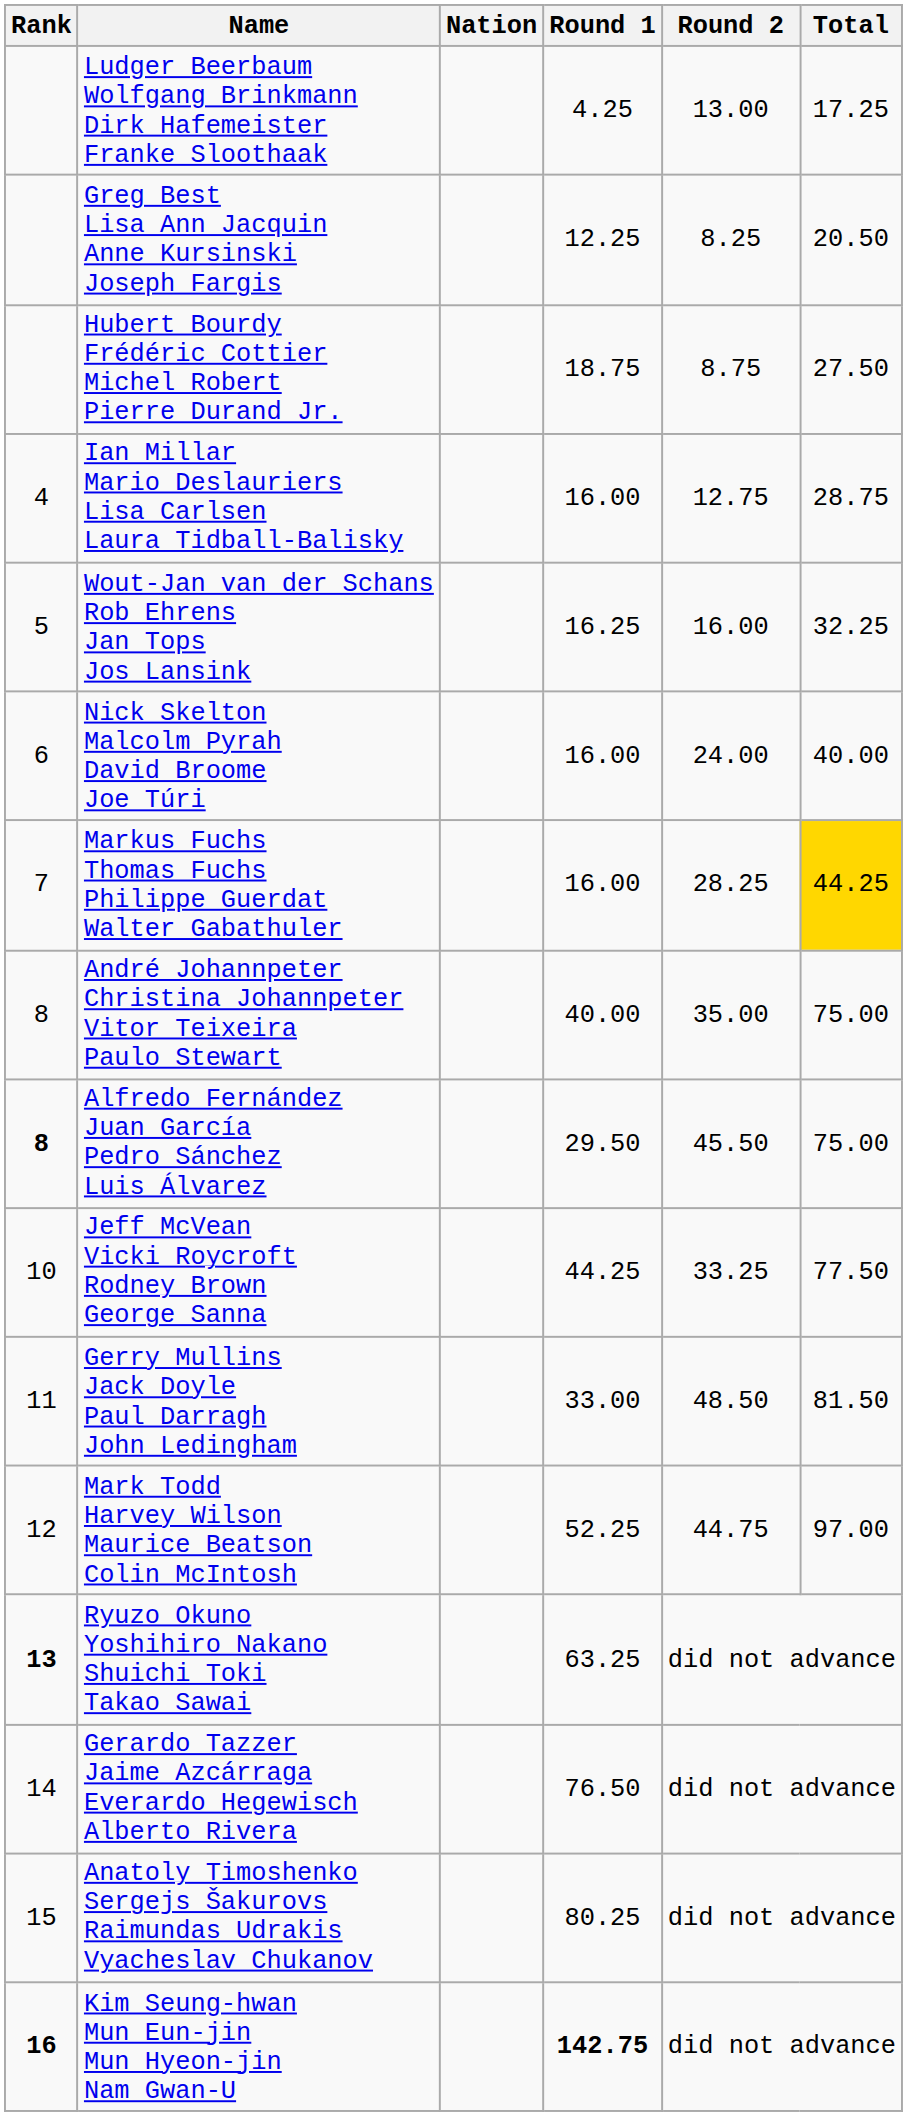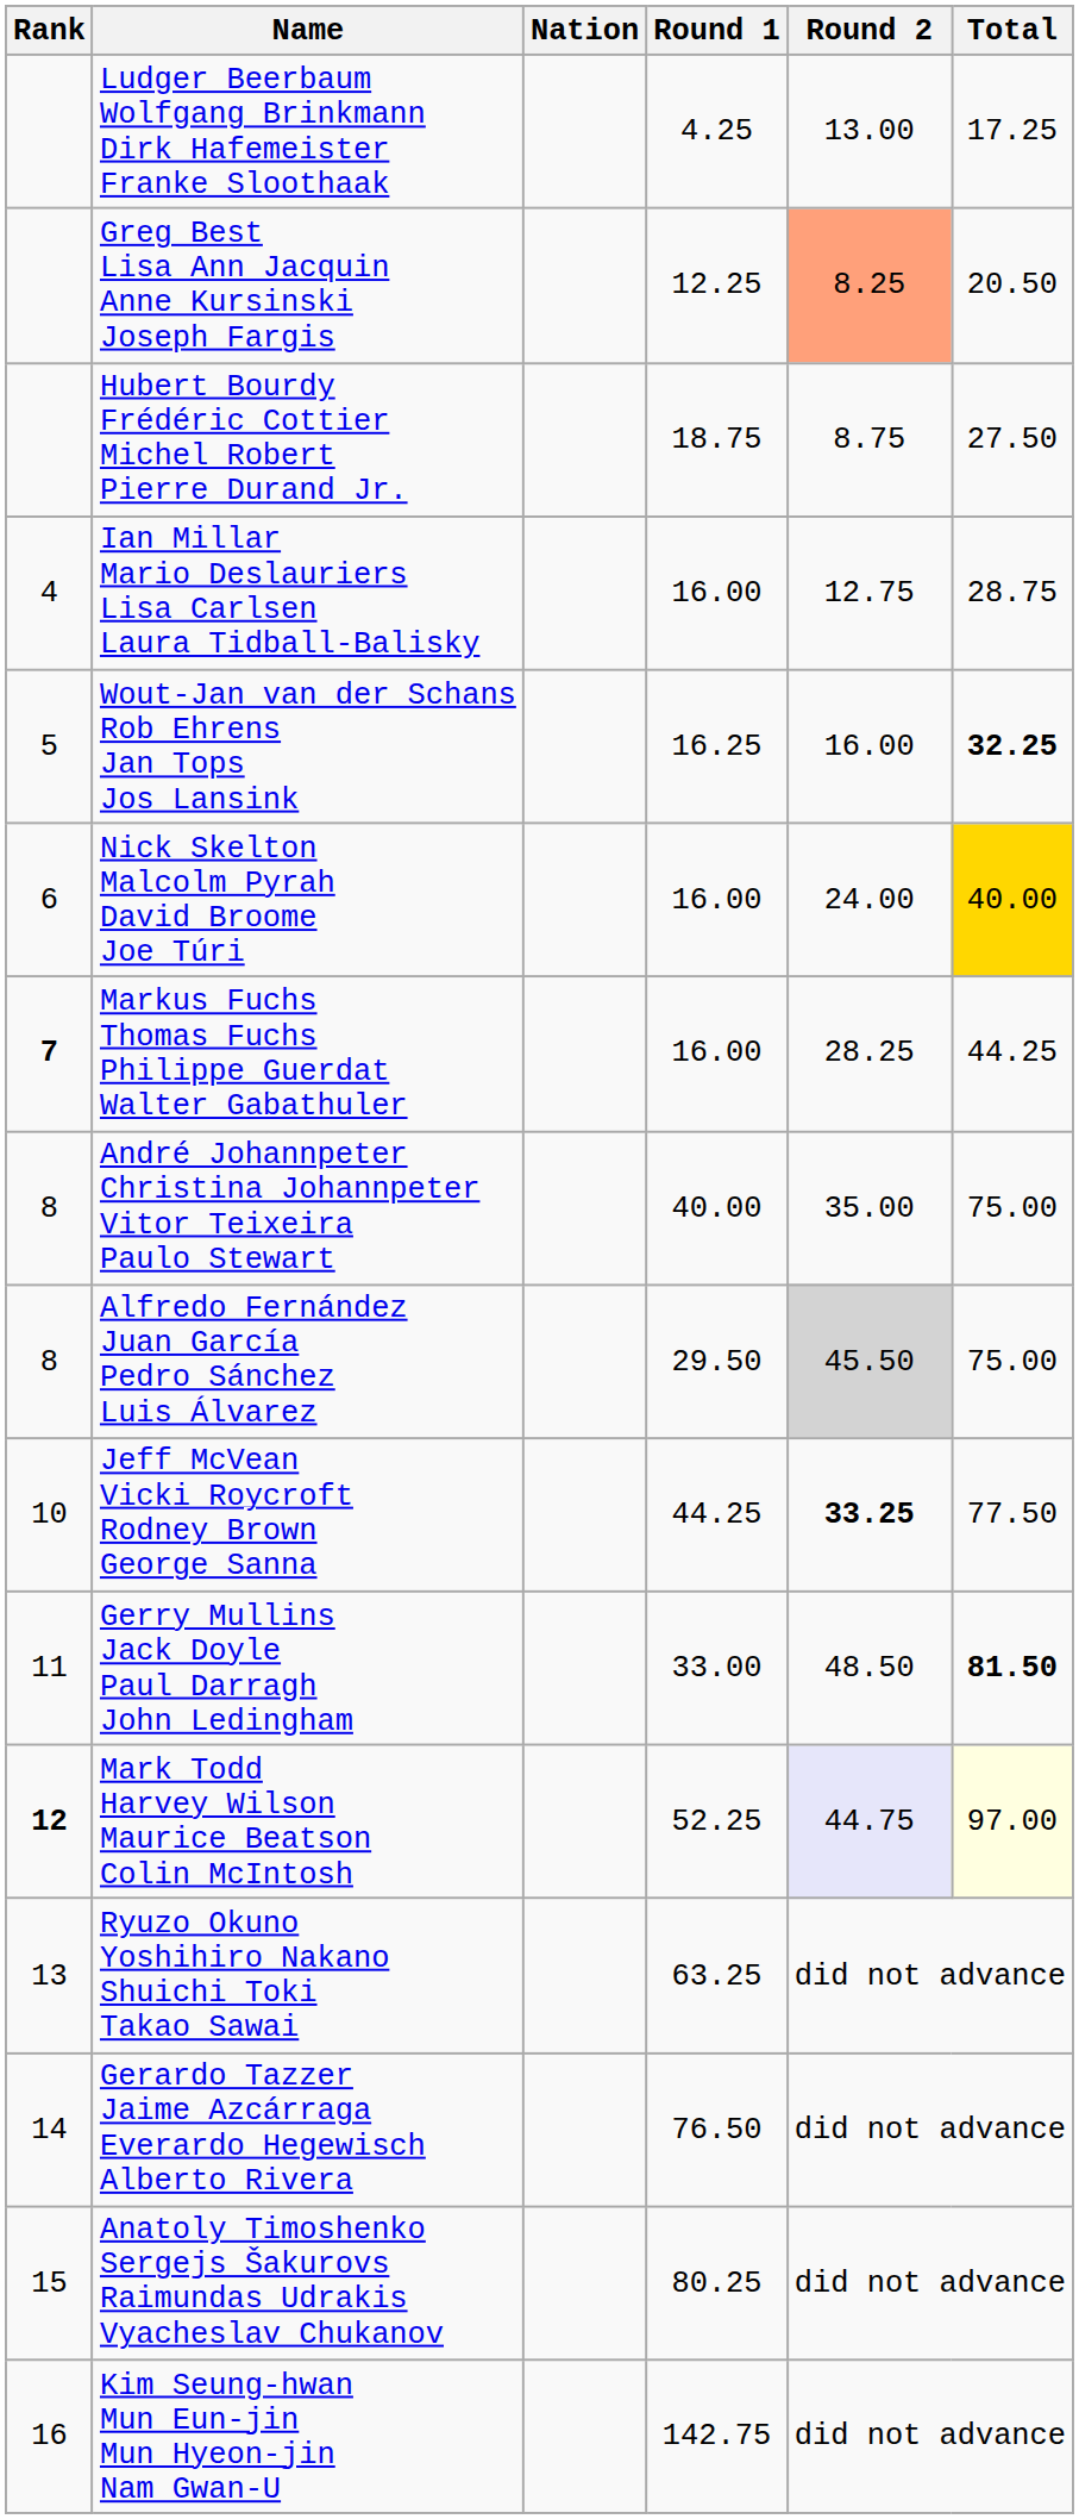 <table class="wikitable sortable" style="text-align:center">
 <tr>
 <th>Rank</th>
 <th>Name</th>
 <th>Nation</th>
 <th>Round 1</th>
 <th>Round 2</th>
 <th>Total</th>
 </tr>
 <tr>
 <td></td>
 <td align="left"><a href='#'>Ludger Beerbaum</a><br><a href='#'>Wolfgang Brinkmann</a><br><a href='#'>Dirk Hafemeister</a><br><a href='#'>Franke Sloothaak</a></td>
 <td align="left"></td>
 <td>4.25</td>
 <td>13.00</td>
 <td>17.25</td>
 </tr>
 <tr>
 <td></td>
 <td align="left"><a href='#'>Greg Best</a><br><a href='#'>Lisa Ann Jacquin</a><br><a href='#'>Anne Kursinski</a><br><a href='#'>Joseph Fargis</a></td>
 <td align="left"></td>
 <td>12.25</td>
-<td>8.25</td>
+<td style="background: lightsalmon;">8.25</td>
 <td>20.50</td>
 </tr>
 <tr>
 <td></td>
 <td align="left"><a href='#'>Hubert Bourdy</a><br><a href='#'>Frédéric Cottier</a><br><a href='#'>Michel Robert</a><br><a href='#'>Pierre Durand Jr.</a></td>
 <td align="left"></td>
 <td>18.75</td>
 <td>8.75</td>
 <td>27.50</td>
 </tr>
 <tr>
 <td>4</td>
 <td align="left"><a href='#'>Ian Millar</a><br><a href='#'>Mario Deslauriers</a><br><a href='#'>Lisa Carlsen</a><br><a href='#'>Laura Tidball-Balisky</a></td>
 <td align="left"></td>
 <td>16.00</td>
 <td>12.75</td>
 <td>28.75</td>
 </tr>
 <tr>
 <td>5</td>
 <td align="left"><a href='#'>Wout-Jan van der Schans</a><br><a href='#'>Rob Ehrens</a><br><a href='#'>Jan Tops</a><br><a href='#'>Jos Lansink</a></td>
 <td align="left"></td>
 <td>16.25</td>
 <td>16.00</td>
-<td>32.25</td>
+<td><strong>32.25</strong></td>
 </tr>
 <tr>
 <td>6</td>
 <td align="left"><a href='#'>Nick Skelton</a><br><a href='#'>Malcolm Pyrah</a><br><a href='#'>David Broome</a><br><a href='#'>Joe Túri</a></td>
 <td align="left"></td>
 <td>16.00</td>
 <td>24.00</td>
-<td>40.00</td>
+<td style="background: gold;">40.00</td>
 </tr>
 <tr>
-<td>7</td>
+<td><strong>7</strong></td>
 <td align="left"><a href='#'>Markus Fuchs</a><br><a href='#'>Thomas Fuchs</a><br><a href='#'>Philippe Guerdat</a><br><a href='#'>Walter Gabathuler</a></td>
 <td align="left"></td>
 <td>16.00</td>
 <td>28.25</td>
-<td style="background: gold;">44.25</td>
+<td>44.25</td>
 </tr>
 <tr>
 <td>8</td>
 <td align="left"><a href='#'>André Johannpeter</a><br><a href='#'>Christina Johannpeter</a><br><a href='#'>Vitor Teixeira</a><br><a href='#'>Paulo Stewart</a></td>
 <td align="left"></td>
 <td>40.00</td>
 <td>35.00</td>
 <td>75.00</td>
 </tr>
 <tr>
-<td><strong>8</strong></td>
+<td>8</td>
 <td align="left"><a href='#'>Alfredo Fernández</a><br><a href='#'>Juan García</a><br><a href='#'>Pedro Sánchez</a><br><a href='#'>Luis Álvarez</a></td>
 <td align="left"></td>
 <td>29.50</td>
-<td>45.50</td>
+<td style="background: lightgrey;">45.50</td>
 <td>75.00</td>
 </tr>
 <tr>
 <td>10</td>
 <td align="left"><a href='#'>Jeff McVean</a><br><a href='#'>Vicki Roycroft</a><br><a href='#'>Rodney Brown</a><br><a href='#'>George Sanna</a></td>
 <td align="left"></td>
 <td>44.25</td>
-<td>33.25</td>
+<td><strong>33.25</strong></td>
 <td>77.50</td>
 </tr>
 <tr>
 <td>11</td>
 <td align="left"><a href='#'>Gerry Mullins</a><br><a href='#'>Jack Doyle</a><br><a href='#'>Paul Darragh</a><br><a href='#'>John Ledingham</a></td>
 <td align="left"></td>
 <td>33.00</td>
 <td>48.50</td>
-<td>81.50</td>
+<td><strong>81.50</strong></td>
 </tr>
 <tr>
-<td>12</td>
+<td><strong>12</strong></td>
 <td align="left"><a href='#'>Mark Todd</a><br><a href='#'>Harvey Wilson</a><br><a href='#'>Maurice Beatson</a><br><a href='#'>Colin McIntosh</a></td>
 <td align="left"></td>
 <td>52.25</td>
-<td>44.75</td>
-<td>97.00</td>
+<td style="background: lavender;">44.75</td>
+<td style="background: lightyellow;">97.00</td>
 </tr>
 <tr>
-<td><strong>13</strong></td>
+<td>13</td>
 <td align="left"><a href='#'>Ryuzo Okuno</a><br><a href='#'>Yoshihiro Nakano</a><br><a href='#'>Shuichi Toki</a><br><a href='#'>Takao Sawai</a></td>
 <td align="left"></td>
 <td>63.25</td>
 <td colspan=2>did not advance</td>
 </tr>
 <tr>
 <td>14</td>
 <td align="left"><a href='#'>Gerardo Tazzer</a><br><a href='#'>Jaime Azcárraga</a><br><a href='#'>Everardo Hegewisch</a><br><a href='#'>Alberto Rivera</a></td>
 <td align="left"></td>
 <td>76.50</td>
 <td colspan=2>did not advance</td>
 </tr>
 <tr>
 <td>15</td>
 <td align="left"><a href='#'>Anatoly Timoshenko</a><br><a href='#'>Sergejs Šakurovs</a><br><a href='#'>Raimundas Udrakis</a><br><a href='#'>Vyacheslav Chukanov</a></td>
 <td align="left"></td>
 <td>80.25</td>
 <td colspan=2>did not advance</td>
 </tr>
 <tr>
-<td><strong>16</strong></td>
+<td>16</td>
 <td align="left"><a href='#'>Kim Seung-hwan</a><br><a href='#'>Mun Eun-jin</a><br><a href='#'>Mun Hyeon-jin</a><br><a href='#'>Nam Gwan-U</a></td>
 <td align="left"></td>
-<td><strong>142.75</strong></td>
+<td>142.75</td>
 <td colspan=2>did not advance</td>
 </tr>
 </table>
